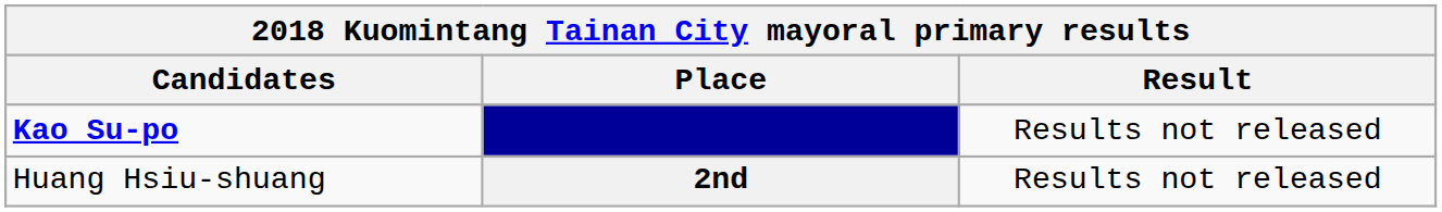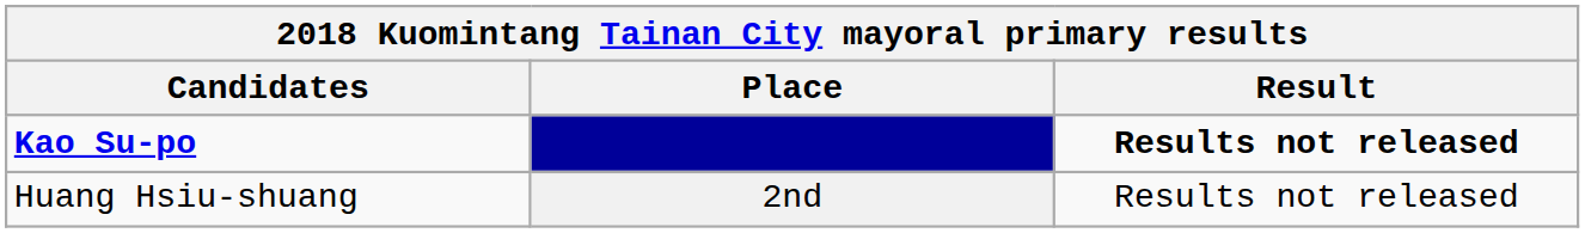 <table class="wikitable collapsible">
 <tr>
 <th colspan="5" width=600>2018 Kuomintang <a href='#'>Tainan City</a> mayoral primary results</th>
 </tr>
 <tr>
 <th width=80>Candidates</th>
 <th width=80>Place</th>
 <th width=80>Result</th>
 </tr>
 <tr>
 <td><strong><a href='#'>Kao Su-po</a></strong></td>
 <td style="background: #000099; text-align:center"><strong></strong></td>
-<td style="text-align:center">Results not released</td>
+<td style="text-align:center"><strong>Results not released</strong></td>
 </tr>
 <tr>
 <td>Huang Hsiu-shuang</td>
-<td style="background: #f1f1f1; text-align:center"><strong>2nd</strong></td>
+<td style="background: #f1f1f1; text-align:center">2nd</td>
 <td style="text-align:center">Results not released</td>
 </tr>
 </table>
